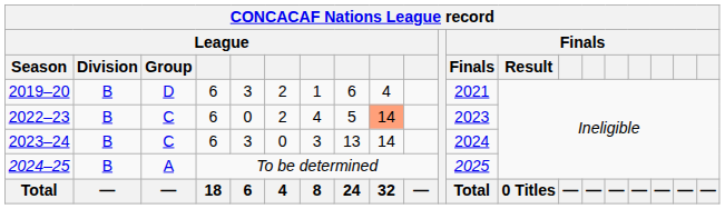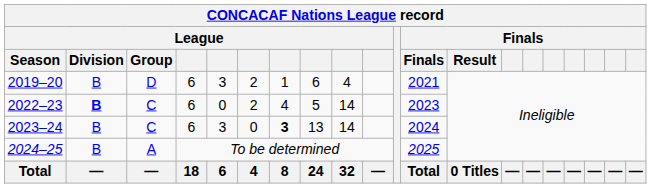 <table class="wikitable" style="text-align: center;">
 <tr>
 <th colspan="20"><a href='#'>CONCACAF Nations League</a> record</th>
 </tr>
 <tr>
 <th colspan="10">League</th>
 <th rowspan="7"></th>
 <th colspan="9">Finals</th>
 </tr>
 <tr>
 <th>Season</th>
 <th>Division</th>
 <th>Group</th>
 <th width="28"></th>
 <th width="28"></th>
 <th width="28"></th>
 <th width="28"></th>
 <th width="28"></th>
 <th width="28"></th>
 <th width="28"></th>
 <th>Finals</th>
 <th>Result</th>
 <th></th>
 <th></th>
 <th></th>
 <th></th>
 <th></th>
 <th></th>
 <th></th>
 </tr>
 <tr>
 <td><a href='#'>2019–20</a></td>
 <td><a href='#'>B</a></td>
 <td><a href='#'>D</a></td>
 <td>6</td>
 <td>3</td>
 <td>2</td>
 <td>1</td>
 <td>6</td>
 <td>4</td>
 <td></td>
 <td> <a href='#'>2021</a></td>
 <td colspan="8" rowspan="4"><em>Ineligible</em></td>
 </tr>
 <tr>
 <td><a href='#'>2022–23</a></td>
-<td><a href='#'>B</a></td>
+<td><strong><a href='#'>B</a></strong></td>
 <td><a href='#'>C</a></td>
 <td>6</td>
 <td>0</td>
 <td>2</td>
 <td>4</td>
 <td>5</td>
-<td style="background: lightsalmon;">14</td>
+<td>14</td>
 <td></td>
 <td> <a href='#'>2023</a></td>
 </tr>
 <tr>
 <td><a href='#'>2023–24</a></td>
 <td><a href='#'>B</a></td>
 <td><a href='#'>C</a></td>
 <td>6</td>
 <td>3</td>
 <td>0</td>
-<td>3</td>
+<td><strong>3</strong></td>
 <td>13</td>
 <td>14</td>
 <td></td>
 <td> <a href='#'>2024</a></td>
 </tr>
 <tr>
 <td><a href='#'><em>2024–25</em></a></td>
 <td><a href='#'>B</a></td>
 <td><a href='#'>A</a></td>
 <td colspan="7"><em>To be determined</em></td>
 <td> <a href='#'><em>2025</em></a></td>
 </tr>
 <tr>
 <th>Total</th>
 <th>—</th>
 <th>—</th>
 <th>18</th>
 <th>6</th>
 <th>4</th>
 <th>8</th>
 <th>24</th>
 <th>32</th>
 <th>—</th>
 <th>Total</th>
 <th>0 Titles</th>
 <th>—</th>
 <th>—</th>
 <th>—</th>
 <th>—</th>
 <th>—</th>
 <th>—</th>
 <th>—</th>
 </tr>
 </table>
